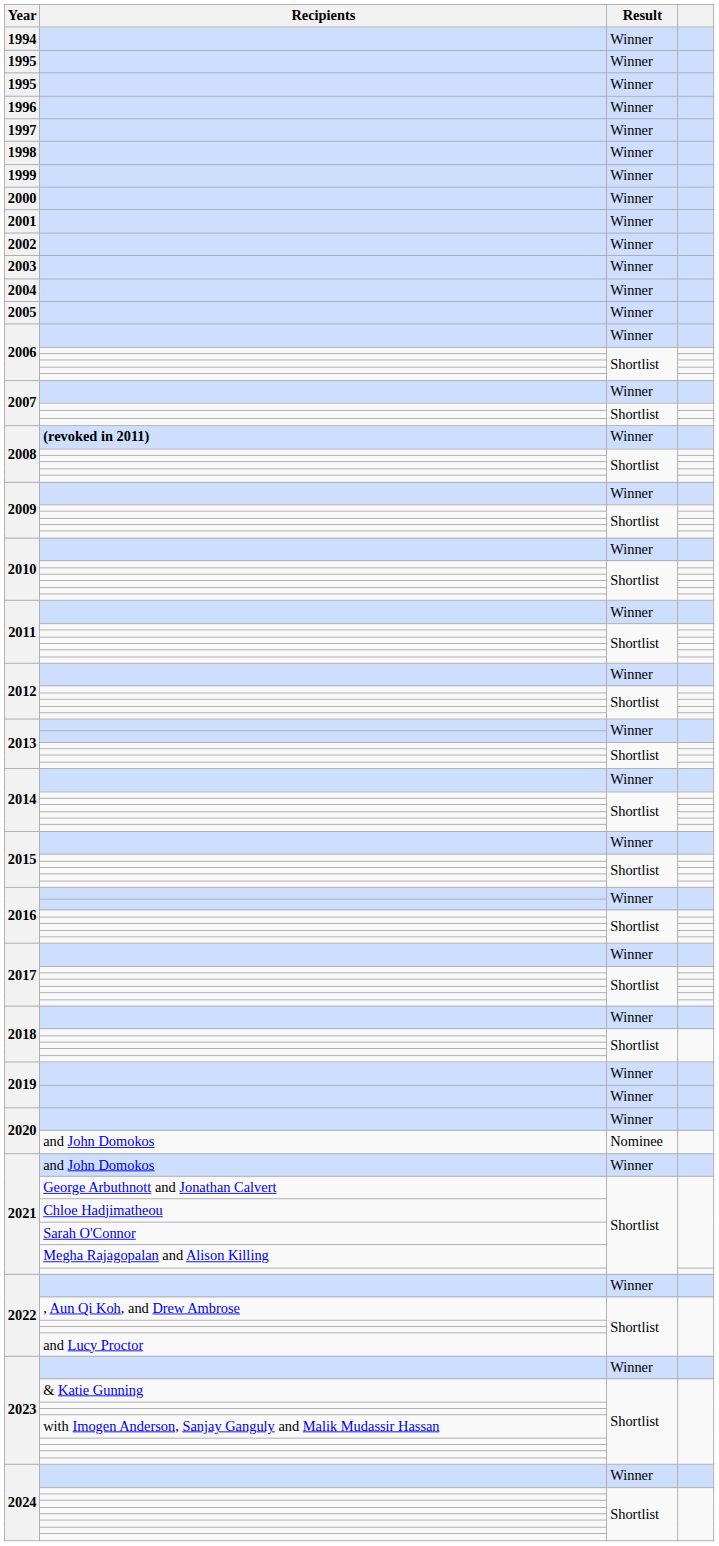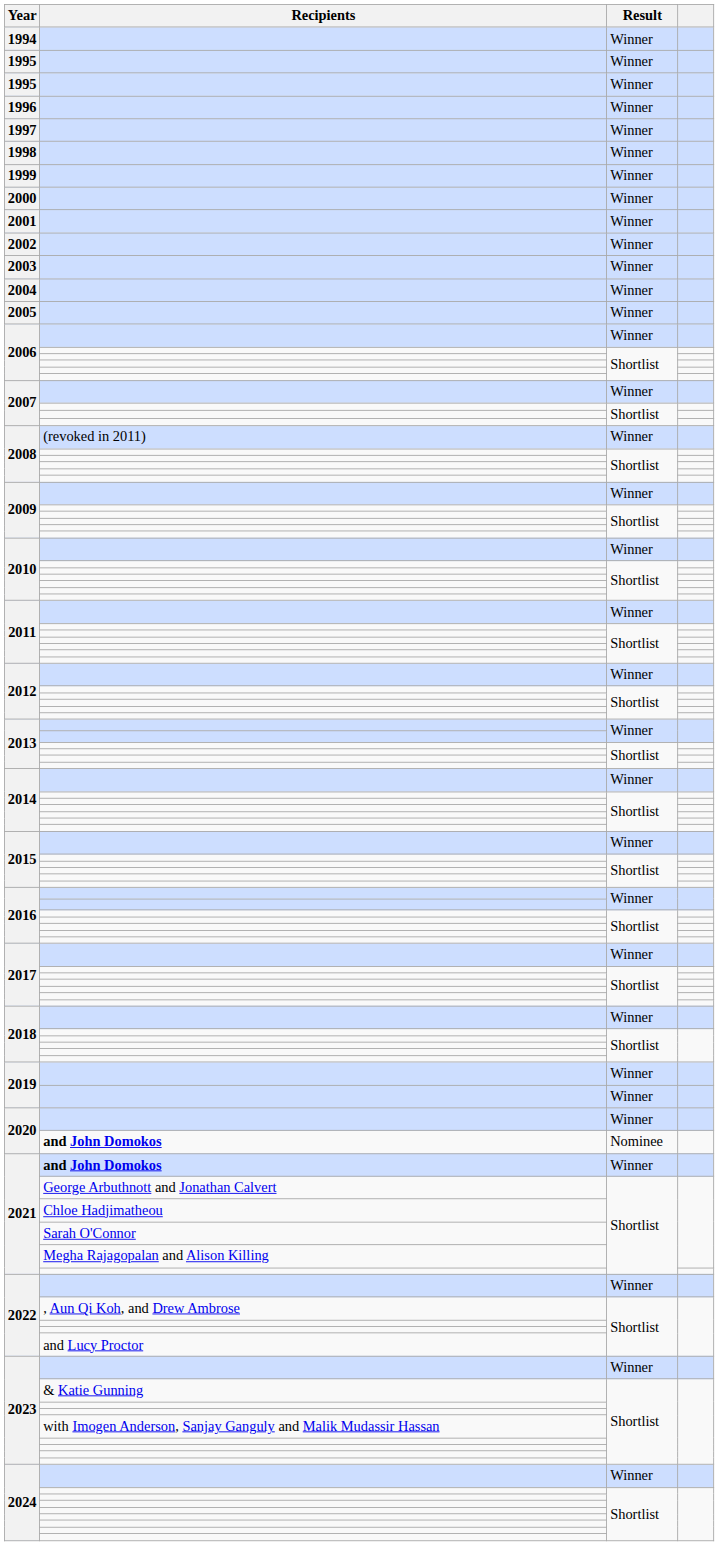 <table class="wikitable sortable mw-collapsible">
 <tr>
 <th scope="col" width="5%">Year</th>
 <th scope="col" width="80%">Recipients</th>
 <th scope="col" width="10%">Result</th>
 <th scope="col" width="5%"></th>
 </tr>
 <tr style="background:#cddeff">
 <th>1994</th>
 <td></td>
 <td>Winner</td>
 <td></td>
 </tr>
 <tr style="background:#cddeff">
 <th>1995</th>
 <td></td>
 <td>Winner</td>
 <td></td>
 </tr>
 <tr style="background:#cddeff">
 <th>1995</th>
 <td></td>
 <td>Winner</td>
 <td></td>
 </tr>
 <tr style="background:#cddeff">
 <th>1996</th>
 <td></td>
 <td>Winner</td>
 <td></td>
 </tr>
 <tr style="background:#cddeff">
 <th>1997</th>
 <td></td>
 <td>Winner</td>
 <td></td>
 </tr>
 <tr style="background:#cddeff">
 <th>1998</th>
 <td></td>
 <td>Winner</td>
 <td></td>
 </tr>
 <tr style="background:#cddeff">
 <th>1999</th>
 <td></td>
 <td>Winner</td>
 <td></td>
 </tr>
 <tr style="background:#cddeff">
 <th>2000</th>
 <td></td>
 <td>Winner</td>
 <td></td>
 </tr>
 <tr style="background:#cddeff">
 <th>2001</th>
 <td></td>
 <td>Winner</td>
 <td></td>
 </tr>
 <tr style="background:#cddeff">
 <th>2002</th>
 <td></td>
 <td>Winner</td>
 <td></td>
 </tr>
 <tr style="background:#cddeff">
 <th>2003</th>
 <td></td>
 <td>Winner</td>
 <td></td>
 </tr>
 <tr style="background:#cddeff">
 <th>2004</th>
 <td></td>
 <td>Winner</td>
 <td></td>
 </tr>
 <tr style="background:#cddeff">
 <th>2005</th>
 <td></td>
 <td>Winner</td>
 <td></td>
 </tr>
 <tr style="background:#cddeff">
 <th rowspan="6">2006</th>
 <td></td>
 <td>Winner</td>
 <td></td>
 </tr>
 <tr>
 <td></td>
 <td rowspan="5">Shortlist</td>
 <td></td>
 </tr>
 <tr>
 <td></td>
 <td></td>
 </tr>
 <tr>
 <td></td>
 <td></td>
 </tr>
 <tr>
 <td></td>
 <td></td>
 </tr>
 <tr>
 <td></td>
 <td></td>
 </tr>
 <tr style="background:#cddeff">
 <th rowspan="4">2007</th>
 <td></td>
 <td>Winner</td>
 <td></td>
 </tr>
 <tr>
 <td></td>
 <td rowspan="3">Shortlist</td>
 <td></td>
 </tr>
 <tr>
 <td></td>
 <td></td>
 </tr>
 <tr>
 <td></td>
 <td></td>
 </tr>
 <tr style="background:#cddeff">
 <th rowspan="6">2008</th>
-<td><strong> (revoked in 2011)</strong></td>
+<td> (revoked in 2011)</td>
 <td>Winner</td>
 <td></td>
 </tr>
 <tr>
 <td></td>
 <td rowspan="5">Shortlist</td>
 <td></td>
 </tr>
 <tr>
 <td></td>
 <td></td>
 </tr>
 <tr>
 <td></td>
 <td></td>
 </tr>
 <tr>
 <td></td>
 <td></td>
 </tr>
 <tr>
 <td></td>
 <td></td>
 </tr>
 <tr style="background:#cddeff">
 <th rowspan="6">2009</th>
 <td></td>
 <td>Winner</td>
 <td></td>
 </tr>
 <tr>
 <td></td>
 <td rowspan="5">Shortlist</td>
 <td></td>
 </tr>
 <tr>
 <td></td>
 <td></td>
 </tr>
 <tr>
 <td></td>
 <td></td>
 </tr>
 <tr>
 <td></td>
 <td></td>
 </tr>
 <tr>
 <td></td>
 <td></td>
 </tr>
 <tr style="background:#cddeff">
 <th rowspan="7">2010</th>
 <td></td>
 <td>Winner</td>
 <td></td>
 </tr>
 <tr>
 <td></td>
 <td rowspan="6">Shortlist</td>
 <td></td>
 </tr>
 <tr>
 <td></td>
 <td></td>
 </tr>
 <tr>
 <td></td>
 <td></td>
 </tr>
 <tr>
 <td></td>
 <td></td>
 </tr>
 <tr>
 <td></td>
 <td></td>
 </tr>
 <tr>
 <td></td>
 <td></td>
 </tr>
 <tr style="background:#cddeff">
 <th rowspan="7">2011</th>
 <td></td>
 <td>Winner</td>
 <td></td>
 </tr>
 <tr>
 <td></td>
 <td rowspan="6">Shortlist</td>
 <td></td>
 </tr>
 <tr>
 <td></td>
 <td></td>
 </tr>
 <tr>
 <td></td>
 <td></td>
 </tr>
 <tr>
 <td></td>
 <td></td>
 </tr>
 <tr>
 <td></td>
 <td></td>
 </tr>
 <tr>
 <td></td>
 <td></td>
 </tr>
 <tr style="background:#cddeff">
 <th rowspan="6">2012</th>
 <td></td>
 <td>Winner</td>
 <td></td>
 </tr>
 <tr>
 <td></td>
 <td rowspan="5">Shortlist</td>
 <td></td>
 </tr>
 <tr>
 <td></td>
 <td></td>
 </tr>
 <tr>
 <td></td>
 <td></td>
 </tr>
 <tr>
 <td></td>
 <td></td>
 </tr>
 <tr>
 <td></td>
 <td></td>
 </tr>
 <tr style="background:#cddeff">
 <th rowspan="6">2013</th>
 <td></td>
 <td rowspan="2">Winner</td>
 <td rowspan="2"></td>
 </tr>
 <tr style="background:#cddeff">
 <td></td>
 </tr>
 <tr>
 <td></td>
 <td rowspan="4">Shortlist</td>
 <td></td>
 </tr>
 <tr>
 <td></td>
 <td></td>
 </tr>
 <tr>
 <td></td>
 <td></td>
 </tr>
 <tr>
 <td></td>
 <td></td>
 </tr>
 <tr style="background:#cddeff">
 <th rowspan="7">2014</th>
 <td></td>
 <td>Winner</td>
 <td></td>
 </tr>
 <tr>
 <td></td>
 <td rowspan="6">Shortlist</td>
 <td></td>
 </tr>
 <tr>
 <td></td>
 <td></td>
 </tr>
 <tr>
 <td></td>
 <td></td>
 </tr>
 <tr>
 <td></td>
 <td></td>
 </tr>
 <tr>
 <td></td>
 <td></td>
 </tr>
 <tr>
 <td></td>
 <td></td>
 </tr>
 <tr style="background:#cddeff">
 <th rowspan="6">2015</th>
 <td></td>
 <td>Winner</td>
 <td></td>
 </tr>
 <tr>
 <td></td>
 <td rowspan="5">Shortlist</td>
 <td></td>
 </tr>
 <tr>
 <td></td>
 <td></td>
 </tr>
 <tr>
 <td></td>
 <td></td>
 </tr>
 <tr>
 <td></td>
 <td></td>
 </tr>
 <tr>
 <td></td>
 <td></td>
 </tr>
 <tr style="background:#cddeff">
 <th rowspan="7">2016</th>
 <td></td>
 <td rowspan="2">Winner</td>
 <td rowspan="2"></td>
 </tr>
 <tr style="background:#cddeff">
 <td></td>
 </tr>
 <tr>
 <td></td>
 <td rowspan="5">Shortlist</td>
 <td></td>
 </tr>
 <tr>
 <td></td>
 <td></td>
 </tr>
 <tr>
 <td></td>
 <td></td>
 </tr>
 <tr>
 <td></td>
 <td></td>
 </tr>
 <tr>
 <td></td>
 <td></td>
 </tr>
 <tr style="background:#cddeff">
 <th rowspan="7">2017</th>
 <td></td>
 <td>Winner</td>
 <td></td>
 </tr>
 <tr>
 <td></td>
 <td rowspan="6">Shortlist</td>
 <td></td>
 </tr>
 <tr>
 <td></td>
 <td></td>
 </tr>
 <tr>
 <td></td>
 <td></td>
 </tr>
 <tr>
 <td></td>
 <td></td>
 </tr>
 <tr>
 <td></td>
 <td></td>
 </tr>
 <tr>
 <td></td>
 <td></td>
 </tr>
 <tr style="background:#cddeff">
 <th rowspan="6">2018</th>
 <td></td>
 <td>Winner</td>
 <td></td>
 </tr>
 <tr>
 <td></td>
 <td rowspan="5">Shortlist</td>
 <td rowspan="5"></td>
 </tr>
 <tr>
 <td></td>
 </tr>
 <tr>
 <td></td>
 </tr>
 <tr>
 <td></td>
 </tr>
 <tr>
 <td></td>
 </tr>
 <tr style="background:#cddeff">
 <th rowspan="2">2019</th>
 <td></td>
 <td>Winner</td>
 <td></td>
 </tr>
 <tr style="background:#cddeff">
 <td></td>
 <td>Winner</td>
 <td></td>
 </tr>
 <tr style="background:#cddeff">
 <th rowspan="2">2020</th>
 <td></td>
 <td>Winner</td>
 <td></td>
 </tr>
 <tr>
-<td> and <a href='#'>John Domokos</a></td>
+<td><strong> and <a href='#'>John Domokos</a></strong></td>
 <td>Nominee</td>
 <td></td>
 </tr>
 <tr style="background:#cddeff">
 <th rowspan="6">2021</th>
-<td> and <a href='#'>John Domokos</a></td>
+<td><strong> and <a href='#'>John Domokos</a></strong></td>
 <td>Winner</td>
 <td></td>
 </tr>
 <tr>
 <td><a href='#'>George Arbuthnott</a> and <a href='#'>Jonathan Calvert</a></td>
 <td rowspan="5">Shortlist</td>
 <td rowspan="4"></td>
 </tr>
 <tr>
 <td><a href='#'>Chloe Hadjimatheou</a></td>
 </tr>
 <tr>
 <td><a href='#'>Sarah O'Connor</a></td>
 </tr>
 <tr>
 <td><a href='#'>Megha Rajagopalan</a> and <a href='#'>Alison Killing</a></td>
 </tr>
 <tr>
 <td></td>
 <td></td>
 </tr>
 <tr style="background:#cddeff">
 <th rowspan="5">2022</th>
 <td></td>
 <td>Winner</td>
 <td></td>
 </tr>
 <tr>
 <td>, <a href='#'>Aun Qi Koh</a>, and <a href='#'>Drew Ambrose</a></td>
 <td rowspan="4">Shortlist</td>
 <td rowspan="4"></td>
 </tr>
 <tr>
 <td></td>
 </tr>
 <tr>
 <td></td>
 </tr>
 <tr>
 <td> and <a href='#'>Lucy Proctor</a></td>
 </tr>
 <tr style="background:#cddeff">
 <th rowspan="9">2023</th>
 <td></td>
 <td>Winner</td>
 <td></td>
 </tr>
 <tr>
 <td> & <a href='#'>Katie Gunning</a></td>
 <td rowspan="8">Shortlist</td>
 <td rowspan="8"></td>
 </tr>
 <tr>
 <td></td>
 </tr>
 <tr>
 <td></td>
 </tr>
 <tr>
 <td> with <a href='#'>Imogen Anderson</a>, <a href='#'>Sanjay Ganguly</a> and <a href='#'>Malik Mudassir Hassan</a></td>
 </tr>
 <tr>
 <td></td>
 </tr>
 <tr>
 <td></td>
 </tr>
 <tr>
 <td></td>
 </tr>
 <tr>
 <td></td>
 </tr>
 <tr style="background:#cddeff">
 <th rowspan="9">2024</th>
 <td></td>
 <td>Winner</td>
 <td></td>
 </tr>
 <tr>
 <td></td>
 <td rowspan="8">Shortlist</td>
 <td rowspan="8"></td>
 </tr>
 <tr>
 <td></td>
 </tr>
 <tr>
 <td></td>
 </tr>
 <tr>
 <td></td>
 </tr>
 <tr>
 <td></td>
 </tr>
 <tr>
 <td></td>
 </tr>
 <tr>
 <td></td>
 </tr>
 <tr>
 <td></td>
 </tr>
 </table>
